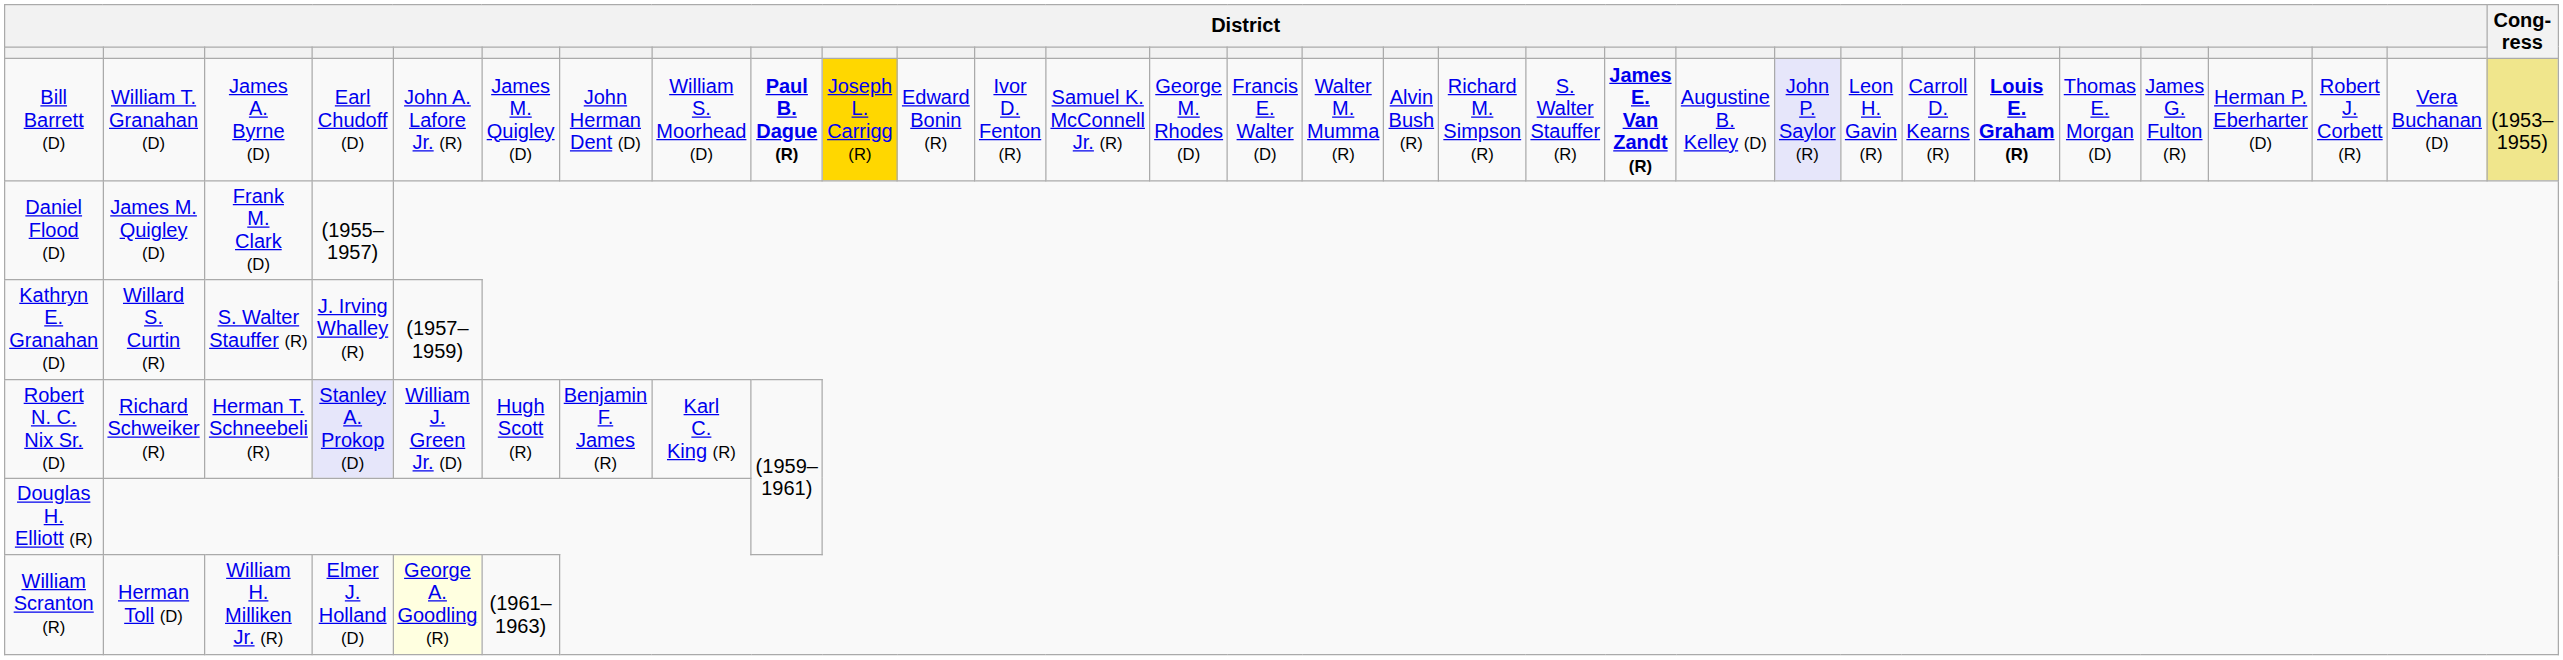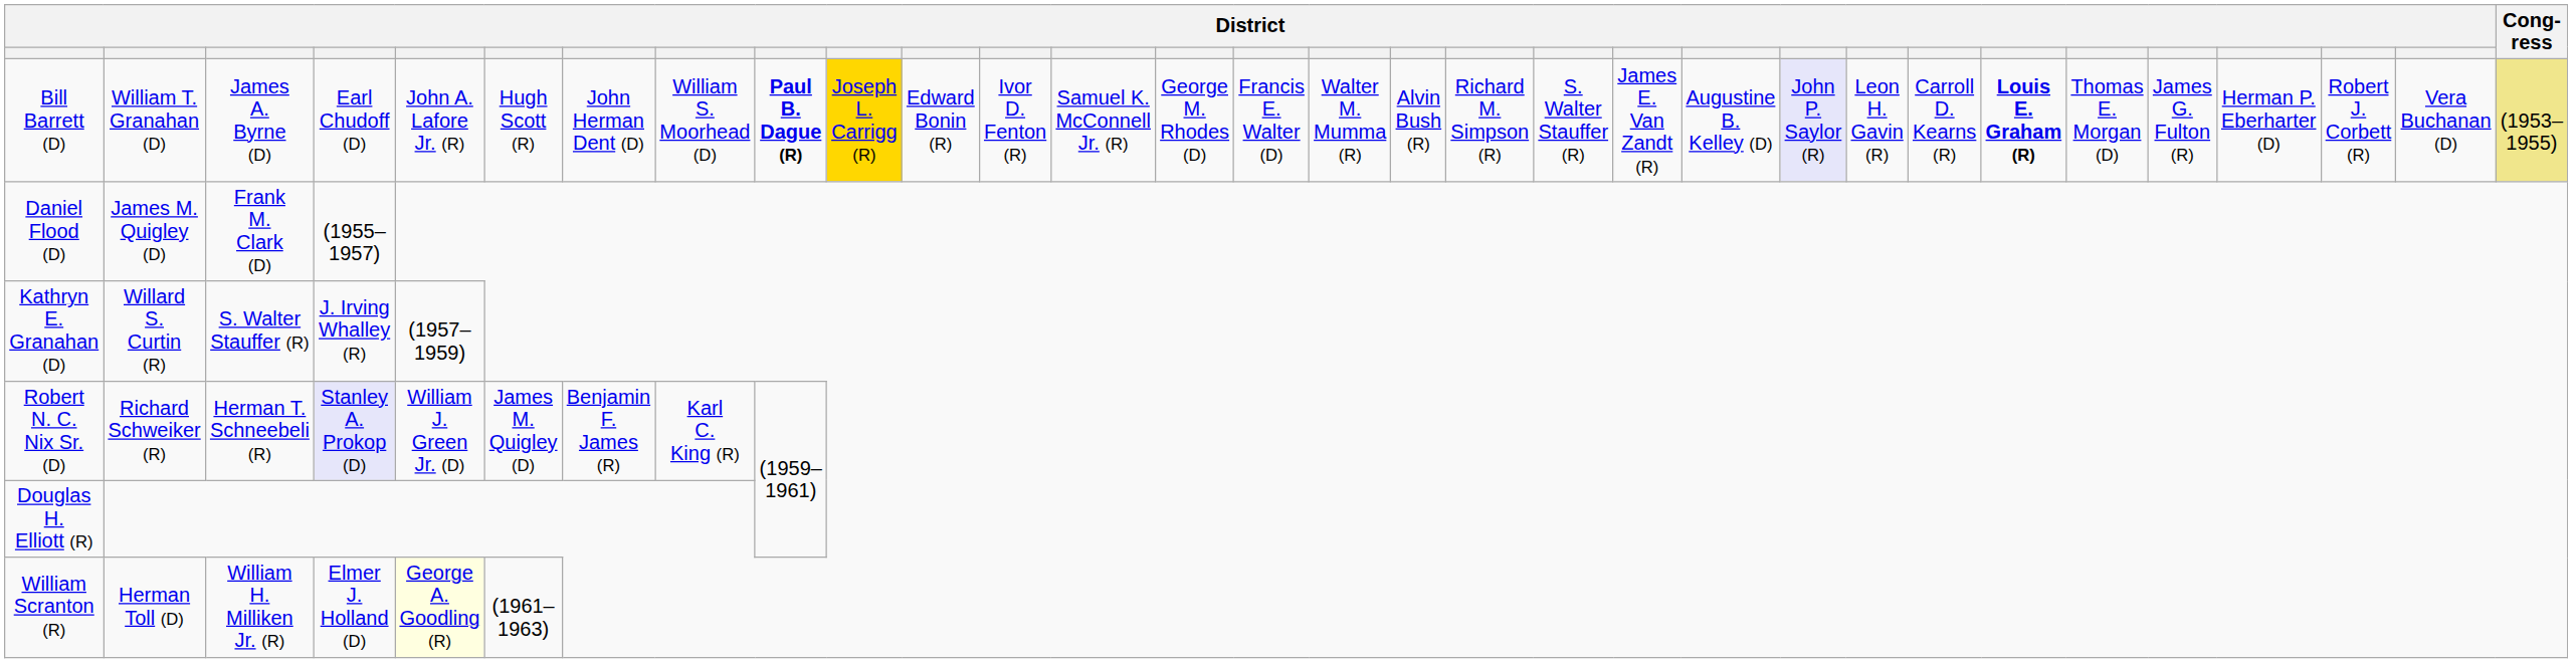 <table class=wikitable style="text-align:center">
 <tr>
 <th colspan=30>District</th>
 <th rowspan=2>Cong­ress</th>
 </tr>
 <tr>
 <th></th>
 <th></th>
 <th></th>
 <th></th>
 <th></th>
 <th></th>
 <th></th>
 <th></th>
 <th></th>
 <th></th>
 <th></th>
 <th></th>
 <th></th>
 <th></th>
 <th></th>
 <th></th>
 <th></th>
 <th></th>
 <th></th>
 <th></th>
 <th></th>
 <th></th>
 <th></th>
 <th></th>
 <th></th>
 <th></th>
 <th></th>
 <th></th>
 <th></th>
 <th></th>
 </tr>
 <tr style="height:2em">
 <td><a href='#'>Bill<br>Barrett</a><br><small>(D)</small></td>
 <td><a href='#'>William T.<br>Granahan</a><br><small>(D)</small></td>
 <td><a href='#'>James<br>A.<br>Byrne</a><br><small>(D)</small></td>
 <td><a href='#'>Earl<br>Chudoff</a><br><small>(D)</small></td>
 <td><a href='#'>John A.<br>Lafore<br>Jr.</a> <small>(R)</small></td>
-<td><a href='#'>James M.<br>Quigley</a> <small>(D)</small></td>
+<td><a href='#'>Hugh<br>Scott</a><br><small>(R)</small></td>
 <td><a href='#'>John<br>Herman<br>Dent</a> <small>(D)</small></td>
 <td><a href='#'>William<br>S.<br>Moorhead</a><br><small>(D)</small></td>
 <td><strong><a href='#'>Paul<br>B.<br>Dague</a><br><small>(R)</small></strong></td>
 <td style="background: gold;"><a href='#'>Joseph<br>L.<br>Carrigg</a> <small>(R)</small></td>
 <td><a href='#'>Edward<br>Bonin</a> <small>(R)</small></td>
 <td><a href='#'>Ivor<br>D.<br>Fenton</a><br><small>(R)</small></td>
 <td><a href='#'>Samuel K.<br>McConnell<br>Jr.</a> <small>(R)</small></td>
 <td><a href='#'>George<br>M.<br>Rhodes</a><br><small>(D)</small></td>
 <td><a href='#'>Francis<br>E.<br>Walter</a><br><small>(D)</small></td>
 <td><a href='#'>Walter<br>M.<br>Mumma</a><br><small>(R)</small></td>
 <td><a href='#'>Alvin<br>Bush</a><br><small>(R)</small></td>
 <td><a href='#'>Richard<br>M.<br>Simpson</a><br><small>(R)</small></td>
 <td><a href='#'>S. Walter<br>Stauffer</a> <small>(R)</small></td>
-<td><strong><a href='#'>James<br>E.<br>Van<br>Zandt</a><br><small>(R)</small></strong></td>
+<td><a href='#'>James<br>E.<br>Van<br>Zandt</a><br><small>(R)</small></td>
 <td><a href='#'>Augustine<br>B.<br>Kelley</a> <small>(D)</small></td>
 <td style="background: lavender;"><a href='#'>John<br>P.<br>Saylor</a><br><small>(R)</small></td>
 <td><a href='#'>Leon<br>H.<br>Gavin</a><br><small>(R)</small></td>
 <td><a href='#'>Carroll<br>D.<br>Kearns</a><br><small>(R)</small></td>
 <td><strong><a href='#'>Louis E.<br>Graham</a> <small>(R)</small></strong></td>
 <td><a href='#'>Thomas<br>E.<br>Morgan</a><br><small>(D)</small></td>
 <td><a href='#'>James<br>G.<br>Fulton</a><br><small>(R)</small></td>
 <td><a href='#'>Herman P.<br>Eberharter</a><br><small>(D)</small></td>
 <td><a href='#'>Robert<br>J.<br>Corbett</a><br><small>(R)</small></td>
 <td><a href='#'>Vera<br>Buchanan</a><br><small>(D)</small></td>
 <td style="background: khaki;"><strong></strong><br>(1953–1955)</td>
 </tr>
 <tr style="height:2em">
 <td><a href='#'>Daniel<br>Flood</a><br><small>(D)</small></td>
 <td><a href='#'>James M.<br>Quigley</a> <small>(D)</small></td>
 <td><a href='#'>Frank<br>M.<br>Clark</a><br><small>(D)</small></td>
 <td><strong></strong><br>(1955–1957)</td>
 </tr>
 <tr style="height:2em">
 <td><a href='#'>Kathryn<br>E.<br>Granahan</a><br><small>(D)</small></td>
 <td><a href='#'>Willard<br>S.<br>Curtin</a><br><small>(R)</small></td>
 <td><a href='#'>S. Walter<br>Stauffer</a> <small>(R)</small></td>
 <td><a href='#'>J. Irving<br>Whalley</a><br><small>(R)</small></td>
 <td><strong></strong><br>(1957–1959)</td>
 </tr>
 <tr style="height:2em">
 <td><a href='#'>Robert<br>N. C.<br>Nix Sr.</a><br><small>(D)</small></td>
 <td><a href='#'>Richard<br>Schweiker</a><br><small>(R)</small></td>
 <td><a href='#'>Herman T.<br>Schneebeli</a><br><small>(R)</small></td>
 <td style="background: lavender;"><a href='#'>Stanley A.<br>Prokop</a> <small>(D)</small></td>
 <td><a href='#'>William<br>J.<br>Green<br>Jr.</a> <small>(D)</small></td>
-<td><a href='#'>Hugh<br>Scott</a><br><small>(R)</small></td>
+<td><a href='#'>James M.<br>Quigley</a> <small>(D)</small></td>
 <td><a href='#'>Benjamin<br>F.<br>James</a> <small>(R)</small></td>
 <td><a href='#'>Karl<br>C.<br>King</a> <small>(R)</small></td>
 <td rowspan=2><strong></strong><br>(1959–1961)</td>
 </tr>
 <tr style="height:2em">
 <td><a href='#'>Douglas H.<br>Elliott</a> <small>(R)</small></td>
 </tr>
 <tr style="height:2em">
 <td><a href='#'>William<br>Scranton</a><br><small>(R)</small></td>
 <td><a href='#'>Herman<br>Toll</a> <small>(D)</small></td>
 <td><a href='#'>William<br>H.<br>Milliken<br>Jr.</a> <small>(R)</small></td>
 <td><a href='#'>Elmer<br>J.<br>Holland</a><br><small>(D)</small></td>
 <td style="background: lightyellow;"><a href='#'>George A.<br>Goodling</a><br><small>(R)</small></td>
 <td><strong></strong><br>(1961–1963)</td>
 </tr>
 </table>
